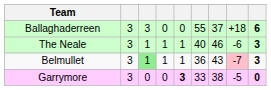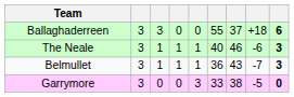 <table class="wikitable" style="text-align:center">
 <tr>
 <th style="width:175px;">Team</th>
 <th width="20"></th>
 <th width="20"></th>
 <th width="20"></th>
 <th width="20"></th>
 <th width="20"></th>
 <th width="20"></th>
 <th width="20"></th>
 <th width="20"></th>
 </tr>
 <tr style="background:#cfc;">
 <td>Ballaghaderreen</td>
 <td>3</td>
 <td>3</td>
 <td>0</td>
 <td>0</td>
 <td>55</td>
 <td>37</td>
 <td>+18</td>
 <td><strong>6</strong></td>
 </tr>
 <tr style="background:#cfc;">
 <td>The Neale</td>
 <td>3</td>
 <td>1</td>
 <td>1</td>
 <td>1</td>
 <td>40</td>
 <td>46</td>
 <td>-6</td>
 <td><strong>3</strong></td>
 </tr>
 <tr>
 <td>Belmullet</td>
 <td>3</td>
-<td style="background: lightgreen;">1</td>
+<td>1</td>
 <td>1</td>
 <td>1</td>
 <td>36</td>
 <td>43</td>
-<td style="background: pink;">-7</td>
+<td>-7</td>
 <td><strong>3</strong></td>
 </tr>
 <tr style="background:#fcf;">
 <td>Garrymore</td>
 <td>3</td>
 <td>0</td>
 <td>0</td>
-<td><strong>3</strong></td>
+<td>3</td>
 <td>33</td>
 <td>38</td>
 <td>-5</td>
 <td><strong>0</strong></td>
 </tr>
 </table>
